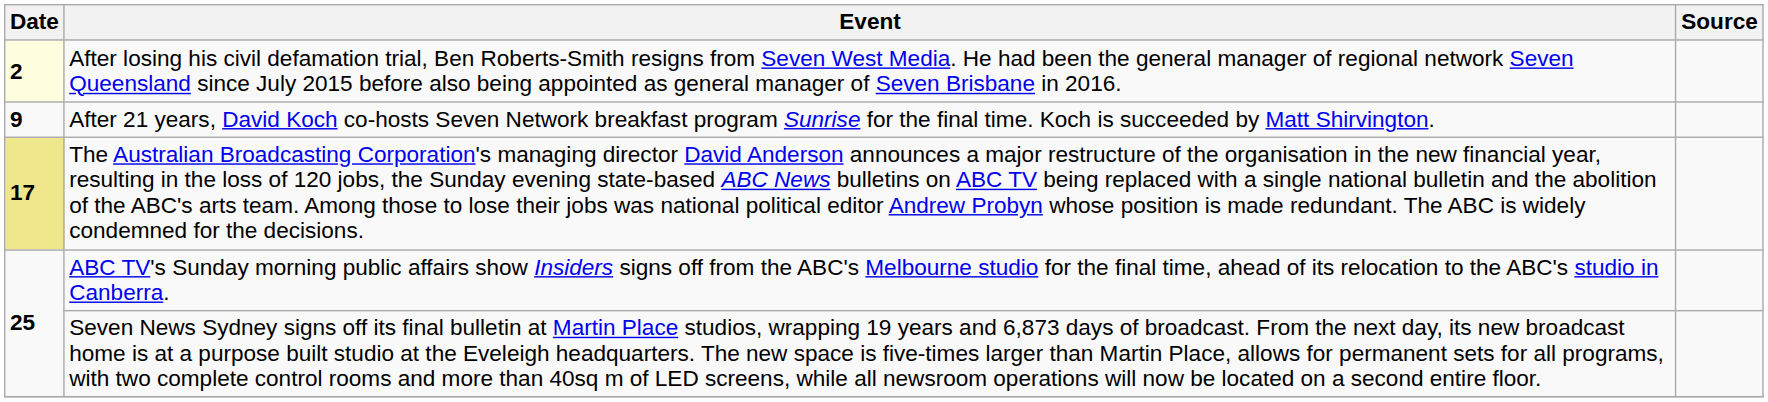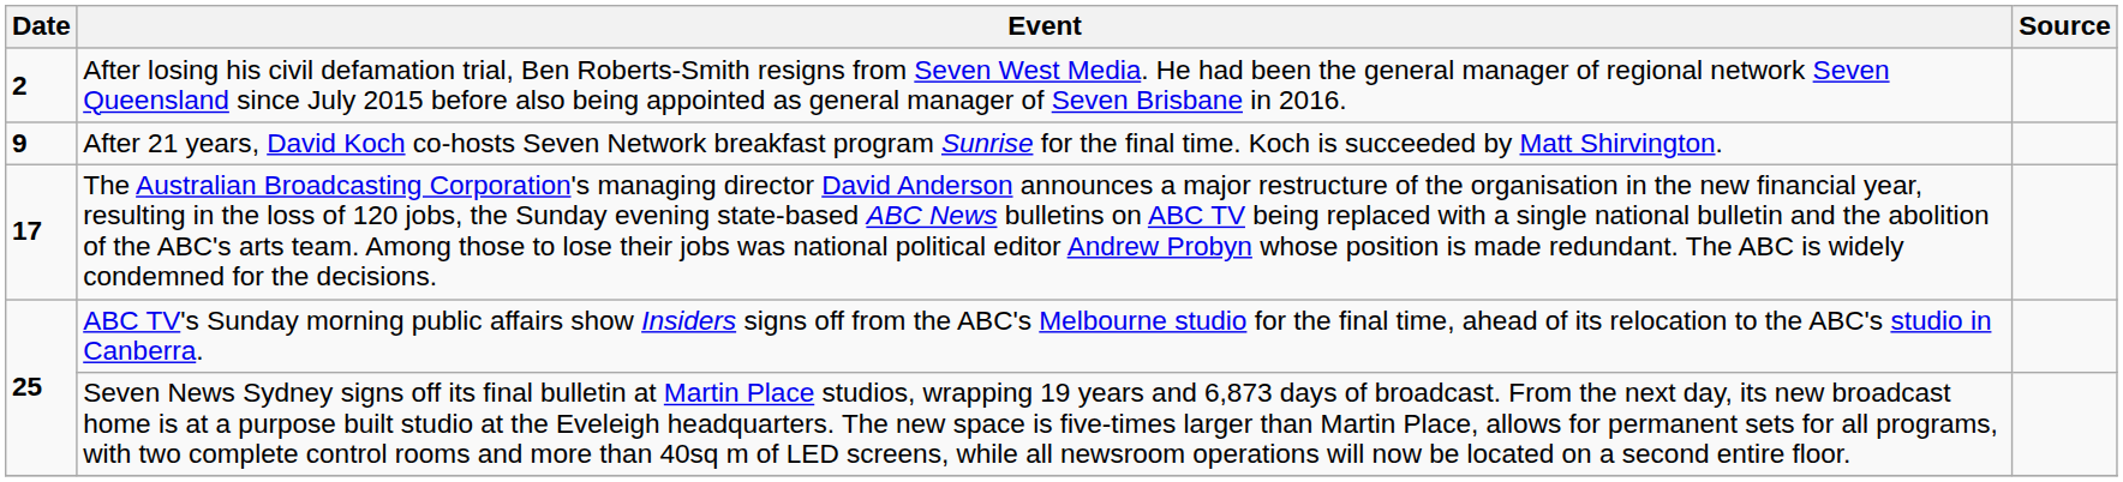 <table class="wikitable">
 <tr>
 <th>Date</th>
 <th>Event</th>
 <th>Source</th>
 </tr>
 <tr>
-<td style="background: lightyellow;"><strong>2</strong></td>
+<td><strong>2</strong></td>
 <td>After losing his civil defamation trial, Ben Roberts-Smith resigns from <a href='#'>Seven West Media</a>. He had been the general manager of regional network <a href='#'>Seven Queensland</a> since July 2015 before also being appointed as general manager of <a href='#'>Seven Brisbane</a> in 2016.</td>
 <td></td>
 </tr>
 <tr>
 <td><strong>9</strong></td>
 <td>After 21 years, <a href='#'>David Koch</a> co-hosts Seven Network breakfast program <em><a href='#'>Sunrise</a></em> for the final time. Koch is succeeded by <a href='#'>Matt Shirvington</a>.</td>
 <td></td>
 </tr>
 <tr>
-<td style="background: khaki;"><strong>17</strong></td>
+<td><strong>17</strong></td>
 <td>The <a href='#'>Australian Broadcasting Corporation</a>'s managing director <a href='#'>David Anderson</a> announces a major restructure of the organisation in the new financial year, resulting in the loss of 120 jobs, the Sunday evening state-based <em><a href='#'>ABC News</a></em> bulletins on <a href='#'>ABC TV</a> being replaced with a single national bulletin and the abolition of the ABC's arts team. Among those to lose their jobs was national political editor <a href='#'>Andrew Probyn</a> whose position is made redundant. The ABC is widely condemned for the decisions.</td>
 <td></td>
 </tr>
 <tr>
 <td rowspan=2><strong>25</strong></td>
 <td><a href='#'>ABC TV</a>'s Sunday morning public affairs show <em><a href='#'>Insiders</a></em> signs off from the ABC's <a href='#'>Melbourne studio</a> for the final time, ahead of its relocation to the ABC's <a href='#'>studio in Canberra</a>.</td>
 <td></td>
 </tr>
 <tr>
 <td>Seven News Sydney signs off its final bulletin at <a href='#'>Martin Place</a> studios, wrapping 19 years and 6,873 days of broadcast. From the next day, its new broadcast home is at a purpose built studio at the Eveleigh headquarters. The new space is five-times larger than Martin Place, allows for permanent sets for all programs, with two complete control rooms and more than 40sq m of LED screens, while all newsroom operations will now be located on a second entire floor.</td>
 <td></td>
 </tr>
 <tr>
 </tr>
 </table>
